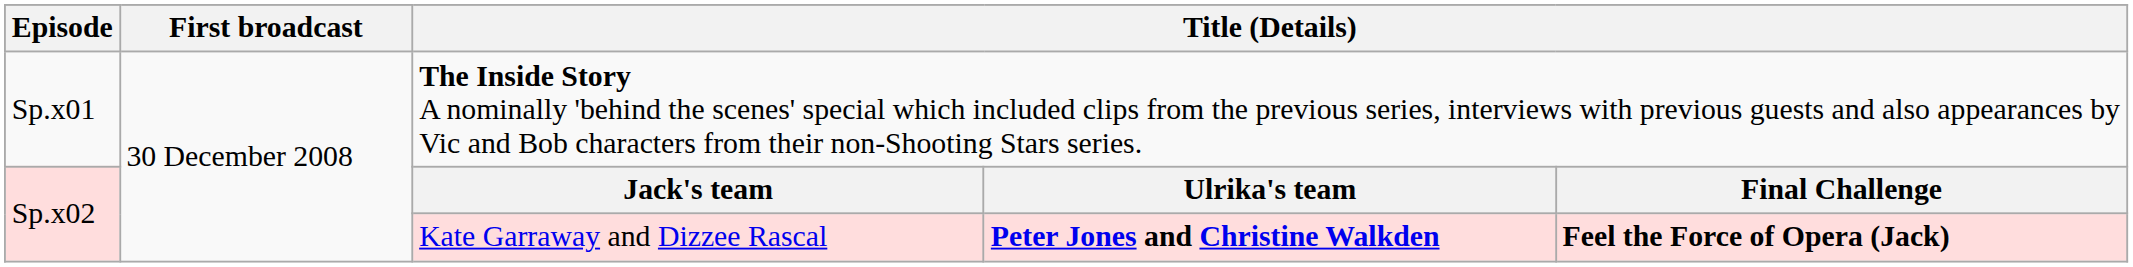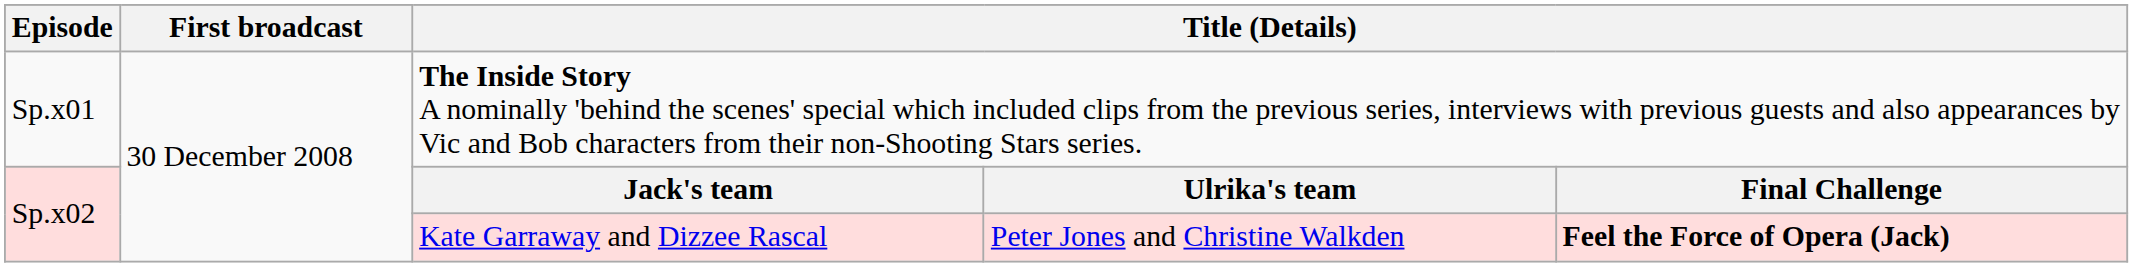 <table class="wikitable">
 <tr>
 <th width="50px">Episode</th>
 <th width="150px">First broadcast</th>
 <th width="300px" colspan="3">Title (Details)</th>
 </tr>
 <tr>
 <td>Sp.x01</td>
 <td rowspan="3">30 December 2008</td>
 <td colspan="3"><strong>The Inside Story</strong><br>A nominally 'behind the scenes' special which included clips from the previous series, interviews with previous guests and also appearances by Vic and Bob characters from their non-Shooting Stars series.</td>
 </tr>
 <tr>
 <td bgcolor="ffdddd" rowspan="2">Sp.x02</td>
 <th width="300px">Jack's team</th>
 <th width="300px">Ulrika's team</th>
 <th width="300px">Final Challenge</th>
 </tr>
 <tr bgcolor="ffdddd">
 <td><a href='#'>Kate Garraway</a> and <a href='#'>Dizzee Rascal</a></td>
-<td><strong><a href='#'>Peter Jones</a> and <a href='#'>Christine Walkden</a></strong></td>
+<td><a href='#'>Peter Jones</a> and <a href='#'>Christine Walkden</a></td>
 <td><strong>Feel the Force of Opera (Jack)</strong></td>
 </tr>
 </table>
